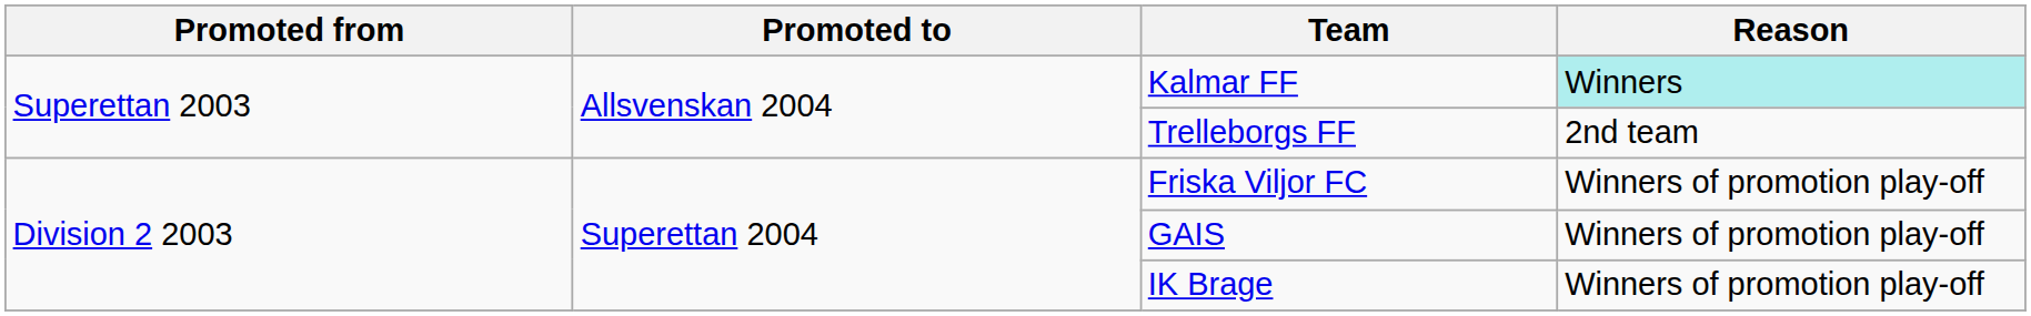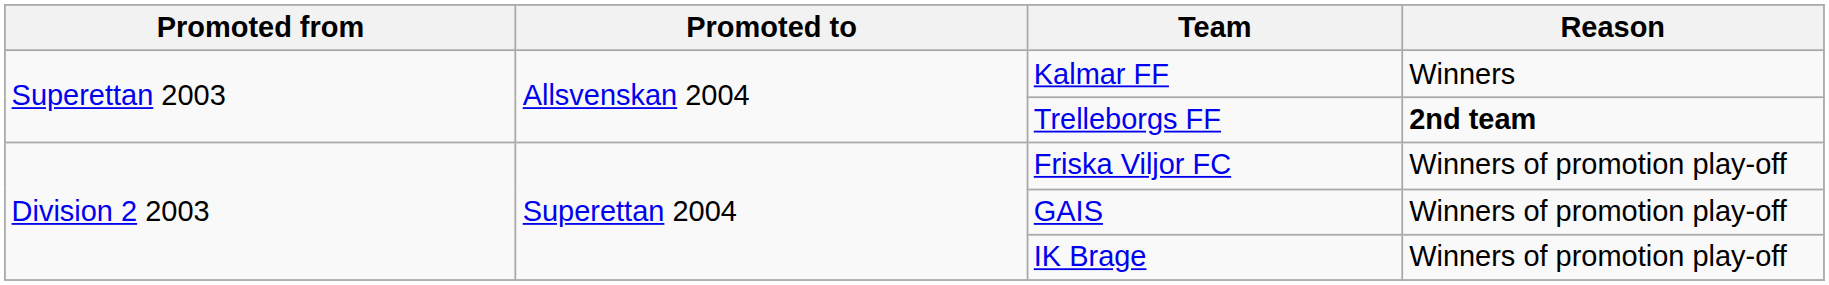 <table class="wikitable" style="text-align: left;">
 <tr>
 <th style="width: 275px;">Promoted from</th>
 <th style="width: 275px;">Promoted to</th>
 <th style="width: 200px;">Team</th>
 <th style="width: 225px;">Reason</th>
 </tr>
 <tr>
 <td rowspan=2><a href='#'>Superettan</a> 2003</td>
 <td rowspan=2><a href='#'>Allsvenskan</a> 2004</td>
 <td><a href='#'>Kalmar FF</a></td>
-<td style="background: paleturquoise;">Winners</td>
+<td>Winners</td>
 </tr>
 <tr>
 <td><a href='#'>Trelleborgs FF</a></td>
-<td>2nd team</td>
+<td><strong>2nd team</strong></td>
 </tr>
 <tr>
 <td rowspan=3><a href='#'>Division 2</a> 2003</td>
 <td rowspan=3><a href='#'>Superettan</a> 2004</td>
 <td><a href='#'>Friska Viljor FC</a></td>
 <td>Winners of promotion play-off</td>
 </tr>
 <tr>
 <td><a href='#'>GAIS</a></td>
 <td>Winners of promotion play-off</td>
 </tr>
 <tr>
 <td><a href='#'>IK Brage</a></td>
 <td>Winners of promotion play-off</td>
 </tr>
 </table>
